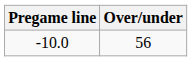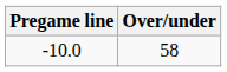 <table class="wikitable" style="margin-left: auto; margin-right: auto; border: none; display: inline-table;">
 <tr align="center">
 <th style=>Pregame line</th>
 <th style=>Over/under</th>
 </tr>
 <tr align="center">
 <td>-10.0</td>
-<td>56</td>
+<td>58</td>
 </tr>
 </table>
